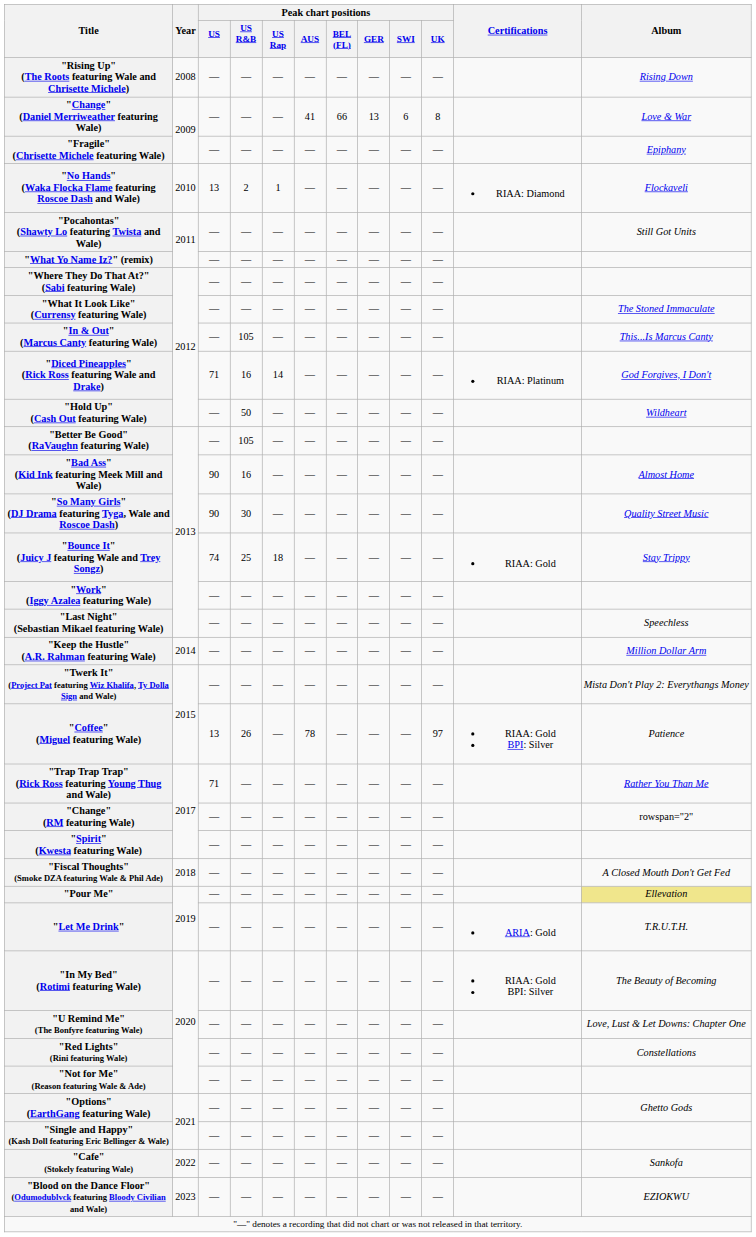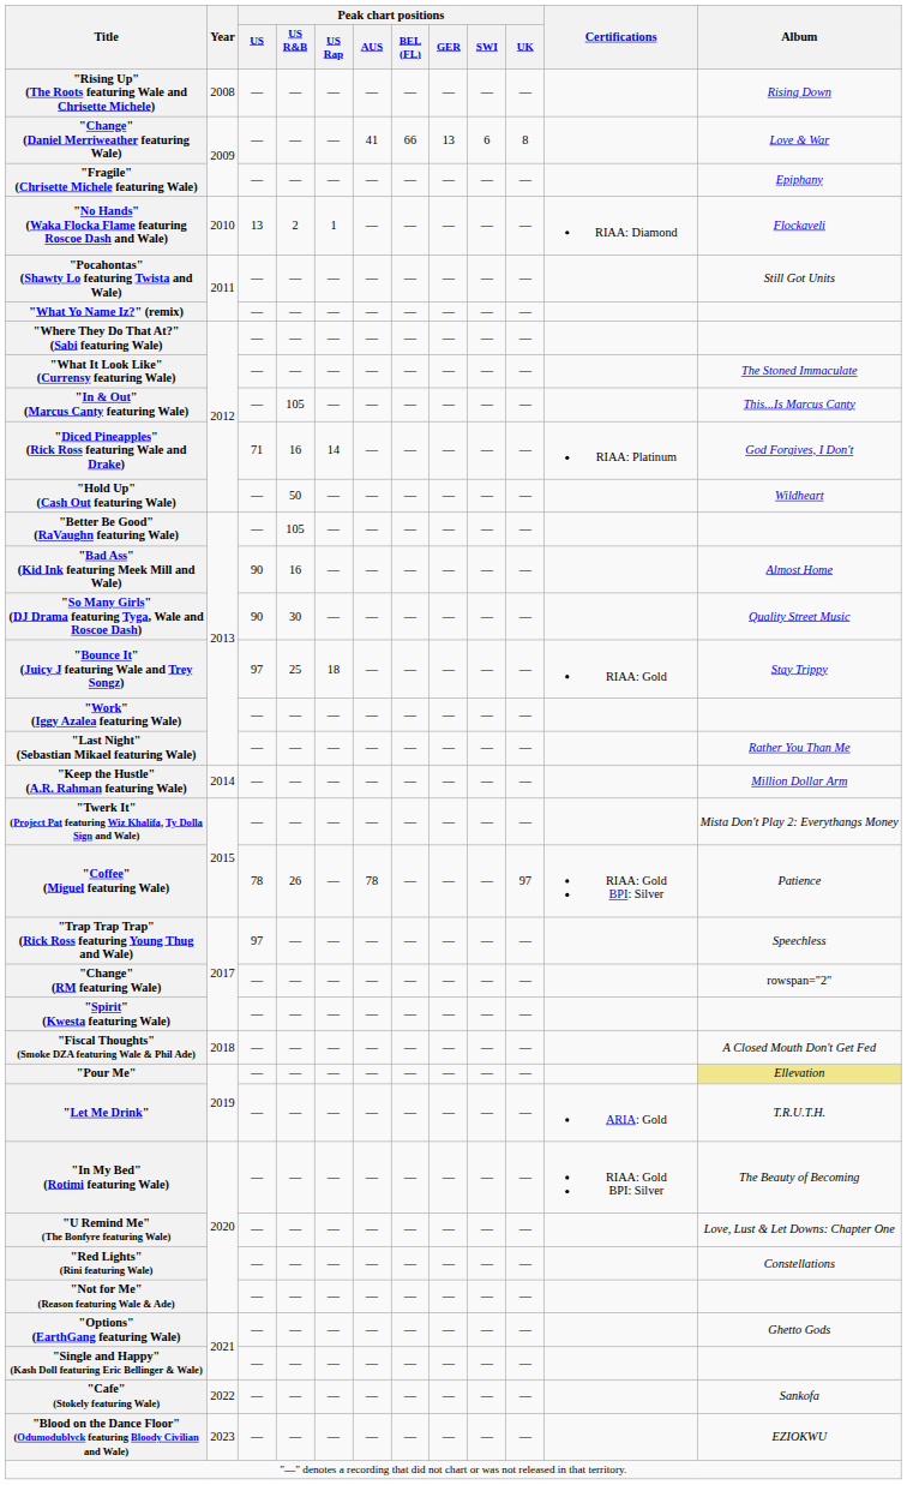 <table class="wikitable plainrowheaders" style="text-align:center;">
 <tr>
 <th scope="col" rowspan="2" style="width:16em;">Title</th>
 <th scope="col" rowspan="2">Year</th>
 <th scope="col" colspan="8">Peak chart positions</th>
 <th scope="col" rowspan="2" style="width:12em;"><a href='#'>Certifications</a></th>
 <th scope="col" rowspan="2">Album</th>
 </tr>
 <tr>
 <th scope="col" style="width:3em;font-size:90%;"><a href='#'>US</a><br><br></th>
 <th scope="col" style="width:3em;font-size:90%;"><a href='#'>US<br>R&B</a><br><br></th>
 <th scope="col" style="width:3em;font-size:90%;"><a href='#'>US<br>Rap</a><br></th>
 <th scope="col" style="width:3em;font-size:90%;"><a href='#'>AUS</a><br></th>
 <th scope="col" style="width:3em;font-size:90%;"><a href='#'>BEL (FL)</a><br></th>
 <th scope="col" style="width:3em;font-size:90%;"><a href='#'>GER</a><br></th>
 <th scope="col" style="width:3em;font-size:90%;"><a href='#'>SWI</a><br></th>
 <th scope="col" style="width:3em;font-size:90%;"><a href='#'>UK</a><br></th>
 </tr>
 <tr>
 <th scope="row">"Rising Up"<br><span>(<a href='#'>The Roots</a> featuring Wale and <a href='#'>Chrisette Michele</a>)</span></th>
 <td>2008</td>
 <td>—</td>
 <td>—</td>
 <td>—</td>
 <td>—</td>
 <td>—</td>
 <td>—</td>
 <td>—</td>
 <td>—</td>
 <td></td>
 <td><em><a href='#'>Rising Down</a></em></td>
 </tr>
 <tr>
 <th scope="row">"<a href='#'>Change</a>"<br><span>(<a href='#'>Daniel Merriweather</a> featuring Wale)</span></th>
 <td rowspan="2">2009</td>
 <td>—</td>
 <td>—</td>
 <td>—</td>
 <td>41</td>
 <td>66</td>
 <td>13</td>
 <td>6</td>
 <td>8</td>
 <td></td>
 <td><em><a href='#'>Love & War</a></em></td>
 </tr>
 <tr>
 <th scope="row">"Fragile"<br><span>(<a href='#'>Chrisette Michele</a> featuring Wale)</span></th>
 <td>—</td>
 <td>—</td>
 <td>—</td>
 <td>—</td>
 <td>—</td>
 <td>—</td>
 <td>—</td>
 <td>—</td>
 <td></td>
 <td><em><a href='#'>Epiphany</a></em></td>
 </tr>
 <tr>
 <th scope="row">"<a href='#'>No Hands</a>"<br><span>(<a href='#'>Waka Flocka Flame</a> featuring <a href='#'>Roscoe Dash</a> and Wale)</span></th>
 <td>2010</td>
 <td>13</td>
 <td>2</td>
 <td>1</td>
 <td>—</td>
 <td>—</td>
 <td>—</td>
 <td>—</td>
 <td>—</td>
 <td><br><ul><li>RIAA: Diamond</li></ul></td>
 <td><em><a href='#'>Flockaveli</a></em></td>
 </tr>
 <tr>
 <th scope="row">"Pocahontas"<br><span>(<a href='#'>Shawty Lo</a> featuring <a href='#'>Twista</a> and Wale)</span></th>
 <td rowspan=2>2011</td>
 <td>—</td>
 <td>—</td>
 <td>—</td>
 <td>—</td>
 <td>—</td>
 <td>—</td>
 <td>—</td>
 <td>—</td>
 <td></td>
 <td><em>Still Got Units</em></td>
 </tr>
 <tr>
 <th scope="row">"<a href='#'>What Yo Name Iz?</a>" (remix)<br></th>
 <td>—</td>
 <td>—</td>
 <td>—</td>
 <td>—</td>
 <td>—</td>
 <td>—</td>
 <td>—</td>
 <td>—</td>
 <td></td>
 <td></td>
 </tr>
 <tr>
 <th scope="row">"Where They Do That At?"<br><span>(<a href='#'>Sabi</a> featuring Wale)</span></th>
 <td rowspan="5">2012</td>
 <td>—</td>
 <td>—</td>
 <td>—</td>
 <td>—</td>
 <td>—</td>
 <td>—</td>
 <td>—</td>
 <td>—</td>
 <td></td>
 <td></td>
 </tr>
 <tr>
 <th scope="row">"What It Look Like"<br><span>(<a href='#'>Currensy</a> featuring Wale)</span></th>
 <td>—</td>
 <td>—</td>
 <td>—</td>
 <td>—</td>
 <td>—</td>
 <td>—</td>
 <td>—</td>
 <td>—</td>
 <td></td>
 <td><em><a href='#'>The Stoned Immaculate</a></em></td>
 </tr>
 <tr>
 <th scope="row">"<a href='#'>In & Out</a>"<br><span>(<a href='#'>Marcus Canty</a> featuring Wale)</span></th>
 <td>—</td>
 <td>105</td>
 <td>—</td>
 <td>—</td>
 <td>—</td>
 <td>—</td>
 <td>—</td>
 <td>—</td>
 <td></td>
 <td><em><a href='#'>This...Is Marcus Canty</a></em></td>
 </tr>
 <tr>
 <th scope="row">"<a href='#'>Diced Pineapples</a>"<br><span>(<a href='#'>Rick Ross</a> featuring Wale and <a href='#'>Drake</a>)</span></th>
 <td>71</td>
 <td>16</td>
 <td>14</td>
 <td>—</td>
 <td>—</td>
 <td>—</td>
 <td>—</td>
 <td>—</td>
 <td><br><ul><li>RIAA: Platinum</li></ul></td>
 <td><em><a href='#'>God Forgives, I Don't</a></em></td>
 </tr>
 <tr>
 <th scope="row">"Hold Up"<br><span>(<a href='#'>Cash Out</a> featuring Wale)</span></th>
 <td>—</td>
 <td>50</td>
 <td>—</td>
 <td>—</td>
 <td>—</td>
 <td>—</td>
 <td>—</td>
 <td>—</td>
 <td></td>
 <td><em><a href='#'>Wildheart</a></em></td>
 </tr>
 <tr>
 <th scope="row">"Better Be Good"<br><span>(<a href='#'>RaVaughn</a> featuring Wale)</span></th>
 <td rowspan="6">2013</td>
 <td>—</td>
 <td>105</td>
 <td>—</td>
 <td>—</td>
 <td>—</td>
 <td>—</td>
 <td>—</td>
 <td>—</td>
 <td></td>
 <td></td>
 </tr>
 <tr>
 <th scope="row">"<a href='#'>Bad Ass</a>"<br><span>(<a href='#'>Kid Ink</a> featuring Meek Mill and Wale)</span></th>
 <td>90</td>
 <td>16</td>
 <td>—</td>
 <td>—</td>
 <td>—</td>
 <td>—</td>
 <td>—</td>
 <td>—</td>
 <td></td>
 <td><em><a href='#'>Almost Home</a></em></td>
 </tr>
 <tr>
 <th scope="row">"<a href='#'>So Many Girls</a>"<br><span>(<a href='#'>DJ Drama</a> featuring <a href='#'>Tyga</a>, Wale and <a href='#'>Roscoe Dash</a>)</span></th>
 <td>90</td>
 <td>30</td>
 <td>—</td>
 <td>—</td>
 <td>—</td>
 <td>—</td>
 <td>—</td>
 <td>—</td>
 <td></td>
 <td><em><a href='#'>Quality Street Music</a></em></td>
 </tr>
 <tr>
 <th scope="row">"<a href='#'>Bounce It</a>"<br><span>(<a href='#'>Juicy J</a> featuring Wale and <a href='#'>Trey Songz</a>)</span></th>
-<td>74</td>
+<td>97<br></td>
 <td>25</td>
 <td>18</td>
 <td>—</td>
 <td>—</td>
 <td>—</td>
 <td>—</td>
 <td>—</td>
 <td><br><ul><li>RIAA: Gold</li></ul></td>
 <td><em><a href='#'>Stay Trippy</a></em></td>
 </tr>
 <tr>
 <th scope="row">"<a href='#'>Work</a>"<br><span>(<a href='#'>Iggy Azalea</a> featuring Wale)</span></th>
 <td>—</td>
 <td>—</td>
 <td>—</td>
 <td>—</td>
 <td>—</td>
 <td>—</td>
 <td>—</td>
 <td>—</td>
 <td></td>
 <td></td>
 </tr>
 <tr>
 <th scope="row">"Last Night"<br><span>(Sebastian Mikael featuring Wale)</span></th>
 <td>—</td>
 <td>—</td>
 <td>—</td>
 <td>—</td>
 <td>—</td>
 <td>—</td>
 <td>—</td>
 <td>—</td>
 <td></td>
-<td><em>Speechless</em></td>
+<td><em><a href='#'>Rather You Than Me</a></em></td>
 </tr>
 <tr>
 <th scope="row">"Keep the Hustle"<br><span>(<a href='#'>A.R. Rahman</a> featuring Wale)</span></th>
 <td>2014</td>
 <td>—</td>
 <td>—</td>
 <td>—</td>
 <td>—</td>
 <td>—</td>
 <td>—</td>
 <td>—</td>
 <td>—</td>
 <td></td>
 <td><em><a href='#'>Million Dollar Arm</a></em></td>
 </tr>
 <tr>
 <th scope="row">"Twerk It"<br><span> <small>(<a href='#'>Project Pat</a> featuring <a href='#'>Wiz Khalifa</a>, <a href='#'>Ty Dolla Sign</a> and Wale)</small></span></th>
 <td rowspan="2">2015</td>
 <td>—</td>
 <td>—</td>
 <td>—</td>
 <td>—</td>
 <td>—</td>
 <td>—</td>
 <td>—</td>
 <td>—</td>
 <td></td>
 <td><em>Mista Don't Play 2: Everythangs Money</em></td>
 </tr>
 <tr>
 <th scope="row">"<a href='#'>Coffee</a>"<br><span>(<a href='#'>Miguel</a> featuring Wale)</span></th>
-<td>13</td>
+<td>78</td>
 <td>26</td>
 <td>—</td>
 <td>78</td>
 <td>—</td>
 <td>—</td>
 <td>—</td>
 <td>97</td>
 <td><br><ul><li>RIAA: Gold</li><li><a href='#'>BPI</a>: Silver</li></ul></td>
 <td><em>Patience</em></td>
 </tr>
 <tr>
 <th scope="row">"Trap Trap Trap"<br><span>(<a href='#'>Rick Ross</a> featuring <a href='#'>Young Thug</a> and Wale)</span></th>
 <td rowspan="3">2017</td>
-<td>71</td>
+<td>97<br></td>
 <td>—</td>
 <td>—</td>
 <td>—</td>
 <td>—</td>
 <td>—</td>
 <td>—</td>
 <td>—</td>
 <td></td>
-<td><em><a href='#'>Rather You Than Me</a></em></td>
+<td><em>Speechless</em></td>
 </tr>
 <tr>
 <th scope="row">"Change"<br><span>(<a href='#'>RM</a> featuring Wale)</span></th>
 <td>—</td>
 <td>—</td>
 <td>—</td>
 <td>—</td>
 <td>—</td>
 <td>—</td>
 <td>—</td>
 <td>—</td>
 <td></td>
 <td>rowspan="2" </td>
 </tr>
 <tr>
 <th scope="row">"<a href='#'>Spirit</a>"<br><span>(<a href='#'>Kwesta</a> featuring Wale)</span></th>
 <td>—</td>
 <td>—</td>
 <td>—</td>
 <td>—</td>
 <td>—</td>
 <td>—</td>
 <td>—</td>
 <td>—</td>
 <td></td>
 </tr>
 <tr>
 <th scope="row">"Fiscal Thoughts"<br><small>(Smoke DZA featuring Wale & Phil Ade)</small></th>
 <td>2018</td>
 <td>—</td>
 <td>—</td>
 <td>—</td>
 <td>—</td>
 <td>—</td>
 <td>—</td>
 <td>—</td>
 <td>—</td>
 <td></td>
 <td><em>A Closed Mouth Don't Get Fed</em></td>
 </tr>
 <tr>
 <th scope="row">"Pour Me"<br></th>
 <td rowspan="2">2019</td>
 <td>—</td>
 <td>—</td>
 <td>—</td>
 <td>—</td>
 <td>—</td>
 <td>—</td>
 <td>—</td>
 <td>—</td>
 <td></td>
 <td style="background: khaki;"><em>Ellevation</em></td>
 </tr>
 <tr>
 <th scope="row">"<a href='#'>Let Me Drink</a>"<br></th>
 <td>—</td>
 <td>—</td>
 <td>—</td>
 <td>—</td>
 <td>—</td>
 <td>—</td>
 <td>—</td>
 <td>—</td>
 <td><br><ul><li><a href='#'>ARIA</a>: Gold</li></ul></td>
 <td><em>T.R.U.T.H.</em></td>
 </tr>
 <tr>
 <th scope="row">"In My Bed"<br><span>(<a href='#'>Rotimi</a> featuring Wale)</span></th>
 <td rowspan="4">2020</td>
 <td>—</td>
 <td>—</td>
 <td>—</td>
 <td>—</td>
 <td>—</td>
 <td>—</td>
 <td>—</td>
 <td>—</td>
 <td><br><ul><li>RIAA: Gold</li><li>BPI: Silver</li></ul></td>
 <td><em>The Beauty of Becoming</em></td>
 </tr>
 <tr>
 <th scope="row">"U Remind Me"<br><small>(The Bonfyre featuring Wale)</small></th>
 <td>—</td>
 <td>—</td>
 <td>—</td>
 <td>—</td>
 <td>—</td>
 <td>—</td>
 <td>—</td>
 <td>—</td>
 <td></td>
 <td><em>Love, Lust & Let Downs: Chapter One</em></td>
 </tr>
 <tr>
 <th scope="row">"Red Lights"<br><small>(Rini featuring Wale)</small></th>
 <td>—</td>
 <td>—</td>
 <td>—</td>
 <td>—</td>
 <td>—</td>
 <td>—</td>
 <td>—</td>
 <td>—</td>
 <td></td>
 <td><em>Constellations</em></td>
 </tr>
 <tr>
 <th scope="row">"Not for Me"<br><small>(Reason featuring Wale & Ade)</small></th>
 <td>—</td>
 <td>—</td>
 <td>—</td>
 <td>—</td>
 <td>—</td>
 <td>—</td>
 <td>—</td>
 <td>—</td>
 <td></td>
 <td></td>
 </tr>
 <tr>
 <th scope="row">"Options"<br><span>(<a href='#'>EarthGang</a> featuring Wale)</span></th>
 <td rowspan="2">2021</td>
 <td>—</td>
 <td>—</td>
 <td>—</td>
 <td>—</td>
 <td>—</td>
 <td>—</td>
 <td>—</td>
 <td>—</td>
 <td></td>
 <td><em>Ghetto Gods</em></td>
 </tr>
 <tr>
 <th scope="row">"Single and Happy"<br><small>(Kash Doll featuring Eric Bellinger & Wale)</small></th>
 <td>—</td>
 <td>—</td>
 <td>—</td>
 <td>—</td>
 <td>—</td>
 <td>—</td>
 <td>—</td>
 <td>—</td>
 <td></td>
 </tr>
 <tr>
 <th scope="row">"Cafe"<br><small>(Stokely featuring Wale)</small></th>
 <td>2022</td>
 <td>—</td>
 <td>—</td>
 <td>—</td>
 <td>—</td>
 <td>—</td>
 <td>—</td>
 <td>—</td>
 <td>—</td>
 <td></td>
 <td><em>Sankofa</em></td>
 </tr>
 <tr>
 <th scope="row">"Blood on the Dance Floor"<br><small>(<a href='#'>Odumodublvck</a> featuring <a href='#'>Bloody Civilian</a> and Wale)</small></th>
 <td>2023</td>
 <td>—</td>
 <td>—</td>
 <td>—</td>
 <td>—</td>
 <td>—</td>
 <td>—</td>
 <td>—</td>
 <td>—</td>
 <td></td>
 <td><em>EZIOKWU</em></td>
 </tr>
 <tr>
 <td colspan="14" style="font-size:90%">"—" denotes a recording that did not chart or was not released in that territory.</td>
 </tr>
 </table>
